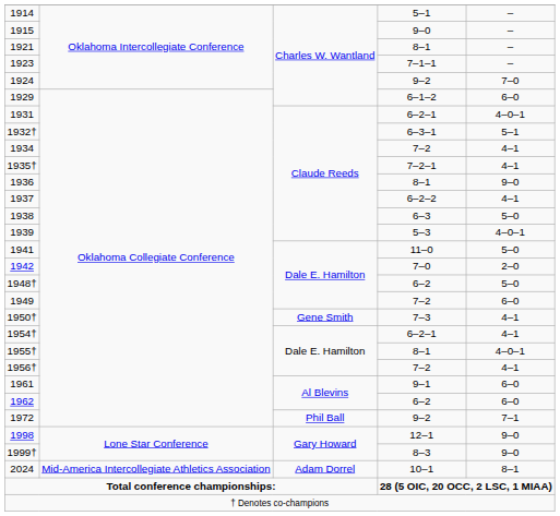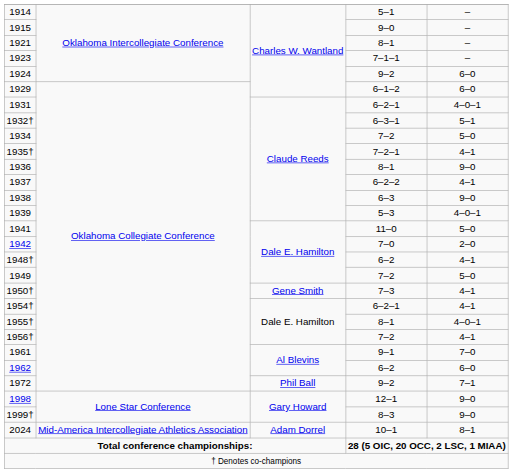 <table class="wikitable" style="text-align:center">
 <tr>
 </tr>
 <tr>
 <td>1914</td>
 <td rowspan="5"><a href='#'>Oklahoma Intercollegiate Conference</a></td>
 <td rowspan="6"><a href='#'>Charles W. Wantland</a></td>
 <td>5–1</td>
 <td>–</td>
 </tr>
 <tr>
 <td>1915</td>
 <td>9–0</td>
 <td>–</td>
 </tr>
 <tr>
 <td>1921</td>
 <td>8–1</td>
 <td>–</td>
 </tr>
 <tr>
 <td>1923</td>
 <td>7–1–1</td>
 <td>–</td>
 </tr>
 <tr>
 <td>1924</td>
 <td>9–2</td>
-<td>7–0</td>
+<td>6–0</td>
 </tr>
 <tr>
 <td>1929</td>
 <td rowspan="20"><a href='#'>Oklahoma Collegiate Conference</a></td>
 <td>6–1–2</td>
 <td>6–0</td>
 </tr>
 <tr>
 <td>1931</td>
 <td rowspan="8"><a href='#'>Claude Reeds</a></td>
 <td>6–2–1</td>
 <td>4–0–1</td>
 </tr>
 <tr>
 <td>1932†</td>
 <td>6–3–1</td>
 <td>5–1</td>
 </tr>
 <tr>
 <td>1934</td>
 <td>7–2</td>
-<td>4–1</td>
+<td>5–0</td>
 </tr>
 <tr>
 <td>1935†</td>
 <td>7–2–1</td>
 <td>4–1</td>
 </tr>
 <tr>
 <td>1936</td>
 <td>8–1</td>
 <td>9–0</td>
 </tr>
 <tr>
 <td>1937</td>
 <td>6–2–2</td>
 <td>4–1</td>
 </tr>
 <tr>
 <td>1938</td>
 <td>6–3</td>
-<td>5–0</td>
+<td>9–0</td>
 </tr>
 <tr>
 <td>1939</td>
 <td>5–3</td>
 <td>4–0–1</td>
 </tr>
 <tr>
 <td>1941</td>
 <td rowspan="4"><a href='#'>Dale E. Hamilton</a></td>
 <td>11–0</td>
 <td>5–0</td>
 </tr>
 <tr>
 <td><a href='#'>1942</a></td>
 <td>7–0</td>
 <td>2–0</td>
 </tr>
 <tr>
 <td>1948†</td>
 <td>6–2</td>
-<td>5–0</td>
+<td>4–1</td>
 </tr>
 <tr>
 <td>1949</td>
 <td>7–2</td>
-<td>6–0</td>
+<td>5–0</td>
 </tr>
 <tr>
 <td>1950†</td>
 <td><a href='#'>Gene Smith</a></td>
 <td>7–3</td>
 <td>4–1</td>
 </tr>
 <tr>
 <td>1954†</td>
 <td rowspan="3">Dale E. Hamilton</td>
 <td>6–2–1</td>
 <td>4–1</td>
 </tr>
 <tr>
 <td>1955†</td>
 <td>8–1</td>
 <td>4–0–1</td>
 </tr>
 <tr>
 <td>1956†</td>
 <td>7–2</td>
 <td>4–1</td>
 </tr>
 <tr>
 <td>1961</td>
 <td rowspan="2"><a href='#'>Al Blevins</a></td>
 <td>9–1</td>
-<td>6–0</td>
+<td>7–0</td>
 </tr>
 <tr>
 <td><a href='#'>1962</a></td>
 <td>6–2</td>
 <td>6–0</td>
 </tr>
 <tr>
 <td>1972</td>
 <td><a href='#'>Phil Ball</a></td>
 <td>9–2</td>
 <td>7–1</td>
 </tr>
 <tr>
 <td><a href='#'>1998</a></td>
 <td rowspan="2"><a href='#'>Lone Star Conference</a></td>
 <td rowspan="2"><a href='#'>Gary Howard</a></td>
 <td>12–1</td>
 <td>9–0</td>
 </tr>
 <tr>
 <td>1999†</td>
 <td>8–3</td>
 <td>9–0</td>
 </tr>
 <tr>
 <td>2024</td>
 <td><a href='#'>Mid-America Intercollegiate Athletics Association</a></td>
 <td><a href='#'>Adam Dorrel</a></td>
 <td>10–1</td>
 <td>8–1</td>
 </tr>
 <tr>
 <td colspan=3><strong>Total conference championships:</strong></td>
 <td colspan=2><strong>28 (5 OIC, 20 OCC, 2 LSC, 1 MIAA)</strong></td>
 </tr>
 <tr>
 <td colspan=7><small>† Denotes co-champions</small></td>
 </tr>
 </table>
